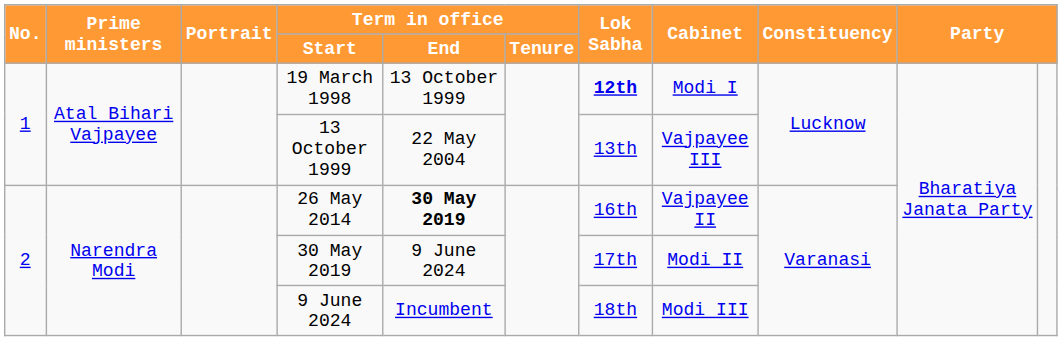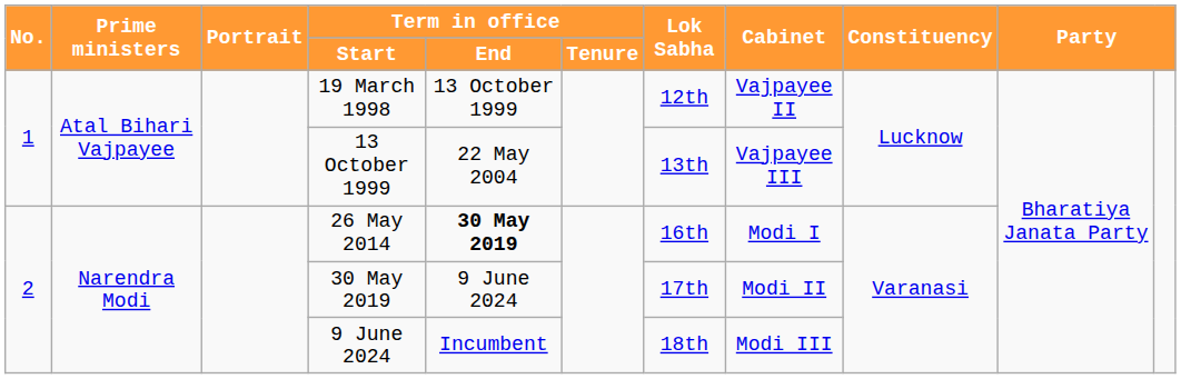 <table class="wikitable sortable" style="text-align:center; width:60%; margin-top:0.5em">
 <tr>
 <th rowspan="2" style="background-color:#FF9933; color:white">No.</th>
 <th rowspan="2" style="background-color:#FF9933; color:white">Prime ministers</th>
 <th rowspan="2" style="background-color:#FF9933; color:white">Portrait</th>
 <th colspan="3" style="background-color:#FF9933; color:white">Term in office</th>
 <th rowspan="2" style="background-color:#FF9933; color:white">Lok Sabha</th>
 <th rowspan="2" style="background-color:#FF9933; color:white">Cabinet</th>
 <th rowspan="2" style="background-color:#FF9933; color:white">Constituency</th>
 <th rowspan="2" colspan="2" style="background-color:#FF9933; color:white">Party</th>
 </tr>
 <tr>
 <th style="background-color:#FF9933; color:white">Start</th>
 <th style="background-color:#FF9933; color:white">End</th>
 <th style="background-color:#FF9933; color:white">Tenure</th>
 </tr>
 <tr style="vertical-align: middle; text-align: center;">
 <td rowspan="2"><a href='#'>1</a></td>
 <td rowspan="2"><a href='#'>Atal Bihari Vajpayee</a></td>
 <td rowspan="2"></td>
 <td>19 March 1998</td>
 <td>13 October 1999</td>
 <td rowspan="2"></td>
-<td><strong><a href='#'>12th</a></strong></td>
-<td><a href='#'>Modi I</a></td>
+<td><a href='#'>12th</a></td>
+<td><a href='#'>Vajpayee II</a></td>
 <td rowspan="2"><a href='#'>Lucknow</a></td>
 <td rowspan="5"><a href='#'>Bharatiya Janata Party</a></td>
 <td rowspan=5 style="background:"> </td>
 </tr>
 <tr style="vertical-align: middle; text-align: center;">
 <td>13 October 1999</td>
 <td>22 May 2004</td>
 <td><a href='#'>13th</a></td>
 <td><a href='#'>Vajpayee III</a></td>
 </tr>
 <tr style="vertical-align: middle; text-align: center;">
 <td rowspan="3"><a href='#'>2</a></td>
 <td rowspan="3"><a href='#'>Narendra Modi</a></td>
 <td rowspan="3"></td>
 <td>26 May 2014</td>
 <td><strong>30 May 2019</strong></td>
 <td rowspan="3"></td>
 <td><a href='#'>16th</a></td>
-<td><a href='#'>Vajpayee II</a></td>
+<td><a href='#'>Modi I</a></td>
 <td rowspan="3"><a href='#'>Varanasi</a></td>
 </tr>
 <tr style="vertical-align: middle; text-align: center;">
 <td>30 May 2019</td>
 <td>9 June 2024</td>
 <td><a href='#'>17th</a></td>
 <td><a href='#'>Modi II</a></td>
 </tr>
 <tr style="vertical-align: middle; text-align: center;">
 <td>9 June 2024</td>
 <td><a href='#'>Incumbent</a></td>
 <td><a href='#'>18th</a></td>
 <td><a href='#'>Modi III</a></td>
 </tr>
 </table>
